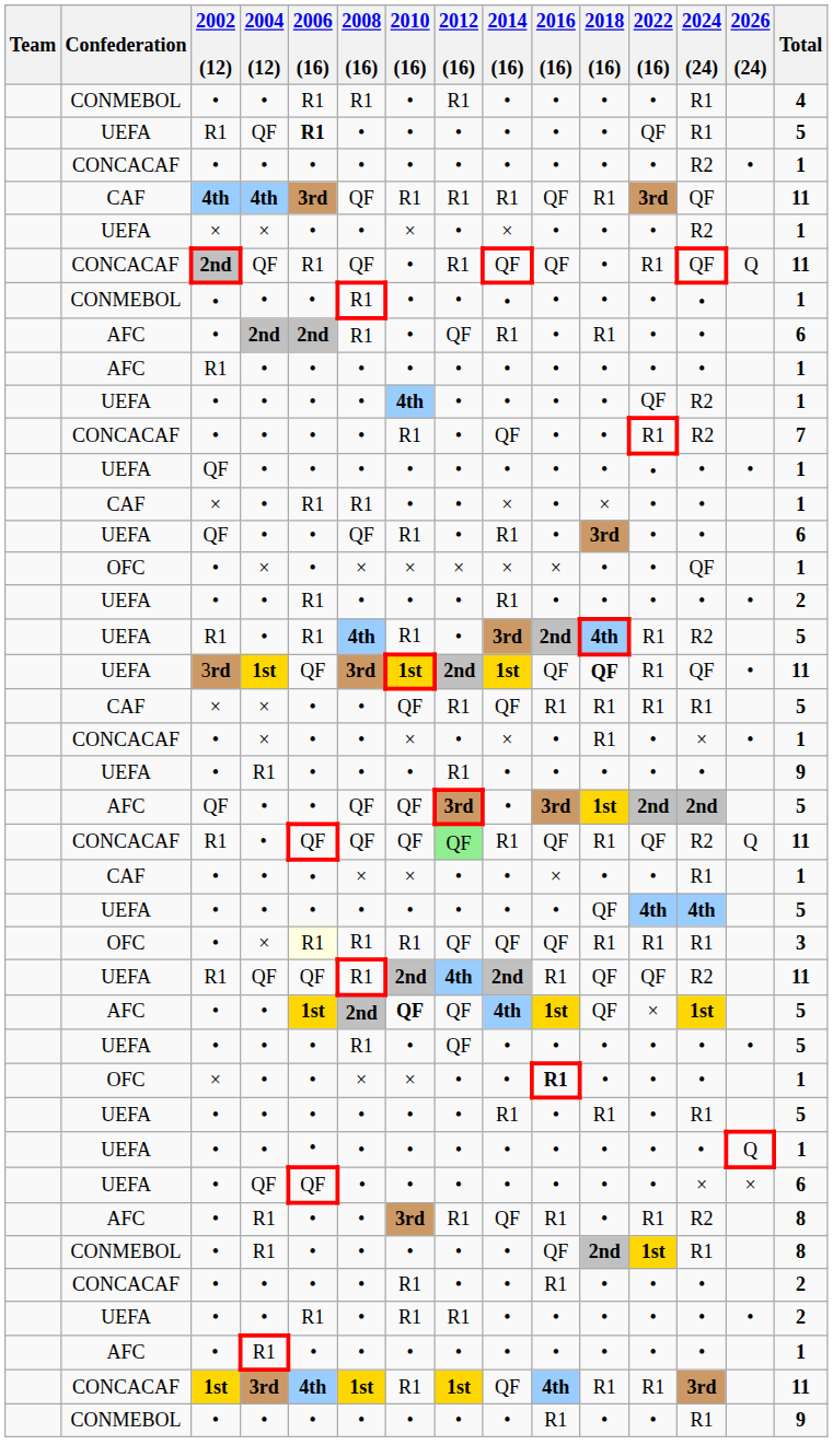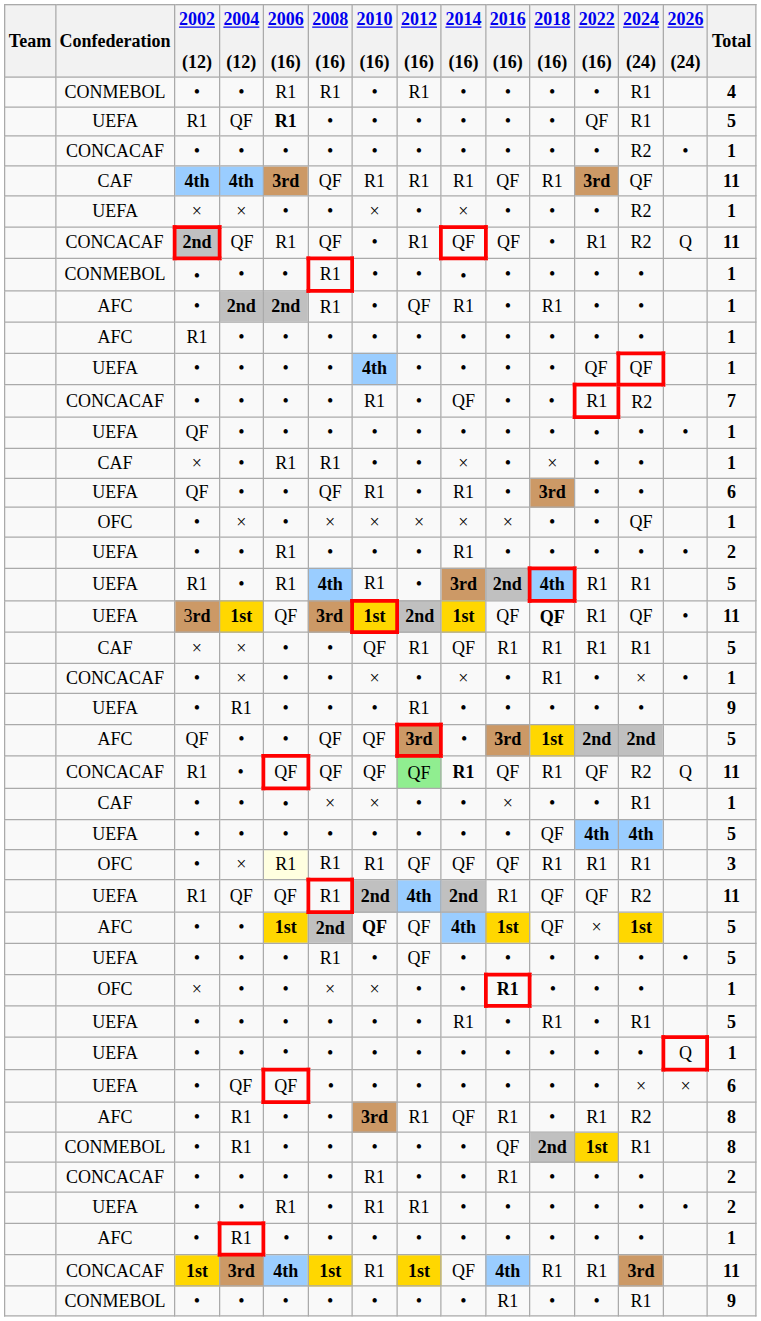 <table class="wikitable"  style="text-align:center; font-size:90%">
 <tr style="background:#cccccc;" align=center>
 <th>Team</th>
 <th>Confederation</th>
 <th><a href='#'>2002</a><br><br>(12)</th>
 <th><a href='#'>2004</a><br><br>(12)</th>
 <th><a href='#'>2006</a><br><br>(16)</th>
 <th><a href='#'>2008</a><br><br>(16)</th>
 <th><a href='#'>2010</a><br><br>(16)</th>
 <th><a href='#'>2012</a><br><br>(16)</th>
 <th><a href='#'>2014</a><br><br>(16)</th>
 <th><a href='#'>2016</a><br><br>(16)</th>
 <th><a href='#'>2018</a><br><br>(16)</th>
 <th><a href='#'>2022</a><br><br>(16)</th>
 <th><a href='#'>2024</a><br><br>(24)</th>
 <th><a href='#'>2026</a><br><br>(24)</th>
 <th>Total</th>
 </tr>
 <tr align=center>
 <td align=left></td>
 <td>CONMEBOL</td>
 <td>•</td>
 <td>•</td>
 <td>R1</td>
 <td>R1</td>
 <td>•</td>
 <td>R1</td>
 <td>•</td>
 <td>•</td>
 <td>•</td>
 <td>•</td>
 <td>R1</td>
 <td></td>
 <td><strong>4</strong></td>
 </tr>
 <tr align=center>
 <td align=left></td>
 <td>UEFA</td>
 <td>R1</td>
 <td>QF</td>
 <td><strong>R1</strong></td>
 <td>•</td>
 <td>•</td>
 <td>•</td>
 <td>•</td>
 <td>•</td>
 <td>•</td>
 <td>QF</td>
 <td>R1</td>
 <td></td>
 <td><strong>5</strong></td>
 </tr>
 <tr align=center>
 <td align=left></td>
 <td>CONCACAF</td>
 <td>•</td>
 <td>•</td>
 <td>•</td>
 <td>•</td>
 <td>•</td>
 <td>•</td>
 <td>•</td>
 <td>•</td>
 <td>•</td>
 <td>•</td>
 <td>R2</td>
 <td>•</td>
 <td><strong>1</strong></td>
 </tr>
 <tr align=center>
 <td align=left></td>
 <td>CAF</td>
 <td bgcolor=#9acdff><strong>4th</strong></td>
 <td bgcolor=#9acdff><strong>4th</strong></td>
 <td bgcolor=#cc9966><strong>3rd</strong></td>
 <td>QF</td>
 <td>R1</td>
 <td>R1</td>
 <td>R1</td>
 <td>QF</td>
 <td>R1</td>
 <td bgcolor=#cc9966><strong>3rd</strong></td>
 <td>QF</td>
 <td></td>
 <td><strong>11</strong></td>
 </tr>
 <tr align=center>
 <td align=left></td>
 <td>UEFA</td>
 <td>×</td>
 <td>×</td>
 <td>•</td>
 <td>•</td>
 <td>×</td>
 <td>•</td>
 <td>×</td>
 <td>•</td>
 <td>•</td>
 <td>•</td>
 <td>R2</td>
 <td></td>
 <td><strong>1</strong></td>
 </tr>
 <tr align=center>
 <td align=left></td>
 <td>CONCACAF</td>
 <td style="border: 3px solid red" bgcolor=silver><strong>2nd</strong></td>
 <td>QF</td>
 <td>R1</td>
 <td>QF</td>
 <td>•</td>
 <td>R1</td>
 <td style="border: 3px solid red">QF</td>
 <td>QF</td>
 <td>•</td>
 <td>R1</td>
-<td style="border: 3px solid red">QF</td>
+<td>R2</td>
 <td>Q</td>
 <td><strong>11</strong></td>
 </tr>
 <tr align=center>
 <td align=left></td>
 <td>CONMEBOL</td>
 <td>•</td>
 <td>•</td>
 <td>•</td>
 <td style="border: 3px solid red">R1</td>
 <td>•</td>
 <td>•</td>
 <td>•</td>
 <td>•</td>
 <td>•</td>
 <td>•</td>
 <td>•</td>
 <td></td>
 <td><strong>1</strong></td>
 </tr>
 <tr align=center>
 <td align=left></td>
 <td>AFC</td>
 <td>•</td>
 <td bgcolor=silver><strong>2nd</strong></td>
 <td bgcolor=silver><strong>2nd</strong></td>
 <td>R1</td>
 <td>•</td>
 <td>QF</td>
 <td>R1</td>
 <td>•</td>
 <td>R1</td>
 <td>•</td>
 <td>•</td>
 <td></td>
-<td><strong>6</strong></td>
+<td><strong>1</strong></td>
 </tr>
 <tr align=center>
 <td align=left></td>
 <td>AFC</td>
 <td>R1</td>
 <td>•</td>
 <td>•</td>
 <td>•</td>
 <td>•</td>
 <td>•</td>
 <td>•</td>
 <td>•</td>
 <td>•</td>
 <td>•</td>
 <td>•</td>
 <td></td>
 <td><strong>1</strong></td>
 </tr>
 <tr align=center>
 <td align=left></td>
 <td>UEFA</td>
 <td>•</td>
 <td>•</td>
 <td>•</td>
 <td>•</td>
 <td bgcolor=#9acdff><strong>4th</strong></td>
 <td>•</td>
 <td>•</td>
 <td>•</td>
 <td>•</td>
 <td>QF</td>
-<td>R2</td>
+<td style="border: 3px solid red">QF</td>
 <td></td>
 <td><strong>1</strong></td>
 </tr>
 <tr align=center>
 <td align=left></td>
 <td>CONCACAF</td>
 <td>•</td>
 <td>•</td>
 <td>•</td>
 <td>•</td>
 <td>R1</td>
 <td>•</td>
 <td>QF</td>
 <td>•</td>
 <td>•</td>
 <td style="border: 3px solid red">R1</td>
 <td>R2</td>
 <td></td>
 <td><strong>7</strong></td>
 </tr>
 <tr align=center>
 <td align=left></td>
 <td>UEFA</td>
 <td>QF</td>
 <td>•</td>
 <td>•</td>
 <td>•</td>
 <td>•</td>
 <td>•</td>
 <td>•</td>
 <td>•</td>
 <td>•</td>
 <td>•</td>
 <td>•</td>
 <td>•</td>
 <td><strong>1</strong></td>
 </tr>
 <tr align=center>
 <td align=left></td>
 <td>CAF</td>
 <td>×</td>
 <td>•</td>
 <td>R1</td>
 <td>R1</td>
 <td>•</td>
 <td>•</td>
 <td>×</td>
 <td>•</td>
 <td>×</td>
 <td>•</td>
 <td>•</td>
 <td></td>
 <td><strong>1</strong></td>
 </tr>
 <tr align=center>
 <td align=left></td>
 <td>UEFA</td>
 <td>QF</td>
 <td>•</td>
 <td>•</td>
 <td>QF</td>
 <td>R1</td>
 <td>•</td>
 <td>R1</td>
 <td>•</td>
 <td bgcolor=#cc9966><strong>3rd</strong></td>
 <td>•</td>
 <td>•</td>
 <td></td>
 <td><strong>6</strong></td>
 </tr>
 <tr align=center>
 <td align=left></td>
 <td>OFC</td>
 <td>•</td>
 <td>×</td>
 <td>•</td>
 <td>×</td>
 <td>×</td>
 <td>×</td>
 <td>×</td>
 <td>×</td>
 <td>•</td>
 <td>•</td>
 <td>QF</td>
 <td></td>
 <td><strong>1</strong></td>
 </tr>
 <tr align=center>
 <td align=left></td>
 <td>UEFA</td>
 <td>•</td>
 <td>•</td>
 <td>R1</td>
 <td>•</td>
 <td>•</td>
 <td>•</td>
 <td>R1</td>
 <td>•</td>
 <td>•</td>
 <td>•</td>
 <td>•</td>
 <td>•</td>
 <td><strong>2</strong></td>
 </tr>
 <tr align=center>
 <td align=left></td>
 <td>UEFA</td>
 <td>R1</td>
 <td>•</td>
 <td>R1</td>
 <td bgcolor=#9acdff><strong>4th</strong></td>
 <td>R1</td>
 <td>•</td>
 <td bgcolor=#cc9966><strong>3rd</strong></td>
 <td bgcolor=silver><strong>2nd</strong></td>
 <td style="border: 3px solid red" bgcolor=#9acdff><strong>4th</strong></td>
 <td>R1</td>
-<td>R2</td>
+<td>R1</td>
 <td></td>
 <td><strong>5</strong></td>
 </tr>
 <tr align=center>
 <td align=left></td>
 <td>UEFA</td>
 <td bgcolor=#cc9966>3<strong>rd</strong></td>
 <td bgcolor=gold><strong>1st</strong></td>
 <td>QF</td>
 <td bgcolor=#cc9966><strong>3rd</strong></td>
 <td style="border: 3px solid red" bgcolor=gold><strong>1st</strong></td>
 <td bgcolor=silver><strong>2nd</strong></td>
 <td bgcolor=gold><strong>1st</strong></td>
 <td>QF</td>
 <td><strong>QF</strong></td>
 <td>R1</td>
 <td>QF</td>
 <td>•</td>
 <td><strong>11</strong></td>
 </tr>
 <tr align=center>
 <td align=left></td>
 <td>CAF</td>
 <td>×</td>
 <td>×</td>
 <td>•</td>
 <td>•</td>
 <td>QF</td>
 <td>R1</td>
 <td>QF</td>
 <td>R1</td>
 <td>R1</td>
 <td>R1</td>
 <td>R1</td>
 <td></td>
 <td><strong>5</strong></td>
 </tr>
 <tr align=center>
 <td align=left></td>
 <td>CONCACAF</td>
 <td>•</td>
 <td>×</td>
 <td>•</td>
 <td>•</td>
 <td>×</td>
 <td>•</td>
 <td>×</td>
 <td>•</td>
 <td>R1</td>
 <td>•</td>
 <td>×</td>
 <td>•</td>
 <td><strong>1</strong></td>
 </tr>
 <tr align=center>
 <td align=left></td>
 <td>UEFA</td>
 <td>•</td>
 <td>R1</td>
 <td>•</td>
 <td>•</td>
 <td>•</td>
 <td>R1</td>
 <td>•</td>
 <td>•</td>
 <td>•</td>
 <td>•</td>
 <td>•</td>
 <td></td>
 <td><strong>9</strong></td>
 </tr>
 <tr align=center>
 <td align=left></td>
 <td>AFC</td>
 <td>QF</td>
 <td>•</td>
 <td>•</td>
 <td>QF</td>
 <td>QF</td>
 <td style="border: 3px solid red" bgcolor=#cc9966><strong>3rd</strong></td>
 <td>•</td>
 <td bgcolor=#cc9966><strong>3rd</strong></td>
 <td bgcolor=gold><strong>1st</strong></td>
 <td bgcolor=silver><strong>2nd</strong></td>
 <td bgcolor=silver><strong>2nd</strong></td>
 <td></td>
 <td><strong>5</strong></td>
 </tr>
 <tr align=center>
 <td align=left></td>
 <td>CONCACAF</td>
 <td>R1</td>
 <td>•</td>
 <td style="border: 3px solid red">QF</td>
 <td>QF</td>
 <td>QF</td>
 <td style="background: lightgreen;">QF</td>
-<td>R1</td>
+<td><strong>R1</strong></td>
 <td>QF</td>
 <td>R1</td>
 <td>QF</td>
 <td>R2</td>
 <td>Q</td>
 <td><strong>11</strong></td>
 </tr>
 <tr align=center>
 <td align=left></td>
 <td>CAF</td>
 <td>•</td>
 <td>•</td>
 <td>•</td>
 <td>×</td>
 <td>×</td>
 <td>•</td>
 <td>•</td>
 <td>×</td>
 <td>•</td>
 <td>•</td>
 <td>R1</td>
 <td></td>
 <td><strong>1</strong></td>
 </tr>
 <tr align=center>
 <td align=left></td>
 <td>UEFA</td>
 <td>•</td>
 <td>•</td>
 <td>•</td>
 <td>•</td>
 <td>•</td>
 <td>•</td>
 <td>•</td>
 <td>•</td>
 <td>QF</td>
 <td bgcolor=#9acdff><strong>4th</strong></td>
 <td bgcolor=#9acdff><strong>4th</strong></td>
 <td></td>
 <td><strong>5</strong></td>
 </tr>
 <tr align=center>
 <td align=left></td>
 <td>OFC</td>
 <td>•</td>
 <td>×</td>
 <td style="background: lightyellow;">R1</td>
 <td>R1</td>
 <td>R1</td>
 <td>QF</td>
 <td>QF</td>
 <td>QF</td>
 <td>R1</td>
 <td>R1</td>
 <td>R1</td>
 <td></td>
 <td><strong>3</strong></td>
 </tr>
 <tr align=center>
 <td align=left></td>
 <td>UEFA</td>
 <td>R1</td>
 <td>QF</td>
 <td>QF</td>
 <td style="border: 3px solid red">R1</td>
 <td bgcolor=silver><strong>2nd</strong></td>
 <td bgcolor=#9acdff><strong>4th</strong></td>
 <td bgcolor=silver><strong>2nd</strong></td>
 <td>R1</td>
 <td>QF</td>
 <td>QF</td>
 <td>R2</td>
 <td></td>
 <td><strong>11</strong></td>
 </tr>
 <tr align=center>
 <td align=left></td>
 <td>AFC</td>
 <td>•</td>
 <td>•</td>
 <td bgcolor=gold><strong>1st</strong></td>
 <td bgcolor=silver><strong>2nd</strong></td>
 <td><strong>QF</strong></td>
 <td>QF</td>
 <td bgcolor=#9acdff><strong>4th</strong></td>
 <td bgcolor=gold><strong>1st</strong></td>
 <td>QF</td>
 <td>×</td>
 <td bgcolor=gold><strong>1st</strong></td>
 <td></td>
 <td><strong>5</strong></td>
 </tr>
 <tr align=center>
 <td align=left></td>
 <td>UEFA</td>
 <td>•</td>
 <td>•</td>
 <td>•</td>
 <td>R1</td>
 <td>•</td>
 <td>QF</td>
 <td>•</td>
 <td>•</td>
 <td>•</td>
 <td>•</td>
 <td>•</td>
 <td>•</td>
 <td><strong>5</strong></td>
 </tr>
 <tr align=center>
 <td align=left></td>
 <td>OFC</td>
 <td>×</td>
 <td>•</td>
 <td>•</td>
 <td>×</td>
 <td>×</td>
 <td>•</td>
 <td>•</td>
 <td style="border: 3px solid red"><strong>R1</strong></td>
 <td>•</td>
 <td>•</td>
 <td>•</td>
 <td></td>
 <td><strong>1</strong></td>
 </tr>
 <tr align=center>
 <td align=left></td>
 <td>UEFA</td>
 <td>•</td>
 <td>•</td>
 <td>•</td>
 <td>•</td>
 <td>•</td>
 <td>•</td>
 <td>R1</td>
 <td>•</td>
 <td>R1</td>
 <td>•</td>
 <td>R1</td>
 <td></td>
 <td><strong>5</strong></td>
 </tr>
 <tr align=center>
 <td align=left></td>
 <td>UEFA</td>
 <td>•</td>
 <td>•</td>
 <td>•</td>
 <td>•</td>
 <td>•</td>
 <td>•</td>
 <td>•</td>
 <td>•</td>
 <td>•</td>
 <td>•</td>
 <td>•</td>
 <td style="border: 3px solid red">Q</td>
 <td><strong>1</strong></td>
 </tr>
 <tr align=center>
 <td align=left></td>
 <td>UEFA</td>
 <td>•</td>
 <td>QF</td>
 <td style="border: 3px solid red">QF</td>
 <td>•</td>
 <td>•</td>
 <td>•</td>
 <td>•</td>
 <td>•</td>
 <td>•</td>
 <td>•</td>
 <td>×</td>
 <td>×</td>
 <td><strong>6</strong></td>
 </tr>
 <tr align=center>
 <td align=left></td>
 <td>AFC</td>
 <td>•</td>
 <td>R1</td>
 <td>•</td>
 <td>•</td>
 <td bgcolor=#cc9966><strong>3rd</strong></td>
 <td>R1</td>
 <td>QF</td>
 <td>R1</td>
 <td>•</td>
 <td>R1</td>
 <td>R2</td>
 <td></td>
 <td><strong>8</strong></td>
 </tr>
 <tr align=center>
 <td align=left></td>
 <td>CONMEBOL</td>
 <td>•</td>
 <td>R1</td>
 <td>•</td>
 <td>•</td>
 <td>•</td>
 <td>•</td>
 <td>•</td>
 <td>QF</td>
 <td bgcolor=silver><strong>2nd</strong></td>
 <td bgcolor=gold><strong>1st</strong></td>
 <td>R1</td>
 <td></td>
 <td><strong>8</strong></td>
 </tr>
 <tr align=center>
 <td align=left></td>
 <td>CONCACAF</td>
 <td>•</td>
 <td>•</td>
 <td>•</td>
 <td>•</td>
 <td>R1</td>
 <td>•</td>
 <td>•</td>
 <td>R1</td>
 <td>•</td>
 <td>•</td>
 <td>•</td>
 <td></td>
 <td><strong>2</strong></td>
 </tr>
 <tr align=center>
 <td align=left></td>
 <td>UEFA</td>
 <td>•</td>
 <td>•</td>
 <td>R1</td>
 <td>•</td>
 <td>R1</td>
 <td>R1</td>
 <td>•</td>
 <td>•</td>
 <td>•</td>
 <td>•</td>
 <td>•</td>
 <td>•</td>
 <td><strong>2</strong></td>
 </tr>
 <tr align=center>
 <td align=left></td>
 <td>AFC</td>
 <td>•</td>
 <td style="border: 3px solid red">R1</td>
 <td>•</td>
 <td>•</td>
 <td>•</td>
 <td>•</td>
 <td>•</td>
 <td>•</td>
 <td>•</td>
 <td>•</td>
 <td>•</td>
 <td></td>
 <td><strong>1</strong></td>
 </tr>
 <tr align=center>
 <td align=left></td>
 <td>CONCACAF</td>
 <td bgcolor=gold><strong>1st</strong></td>
 <td bgcolor=#cc9966><strong>3rd</strong></td>
 <td bgcolor=#9acdff><strong>4th</strong></td>
 <td bgcolor=gold><strong>1st</strong></td>
 <td>R1</td>
 <td bgcolor=gold><strong>1st</strong></td>
 <td>QF</td>
 <td bgcolor=#9acdff><strong>4th</strong></td>
 <td>R1</td>
 <td>R1</td>
 <td bgcolor=#cc9966><strong>3rd</strong></td>
 <td></td>
 <td><strong>11</strong></td>
 </tr>
 <tr align=center>
 <td align=left></td>
 <td>CONMEBOL</td>
 <td>•</td>
 <td>•</td>
 <td>•</td>
 <td>•</td>
 <td>•</td>
 <td>•</td>
 <td>•</td>
 <td>R1</td>
 <td>•</td>
 <td>•</td>
 <td>R1</td>
 <td></td>
 <td><strong>9</strong></td>
 </tr>
 </table>
